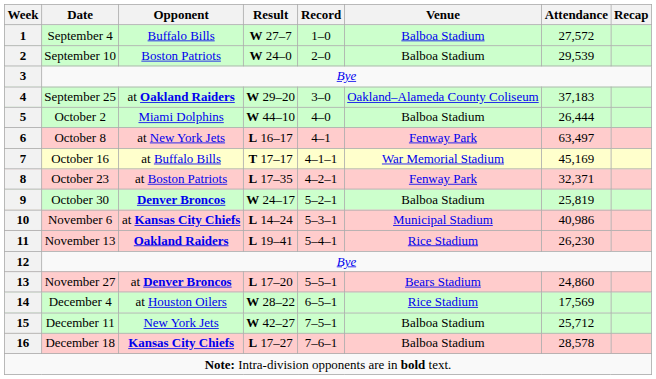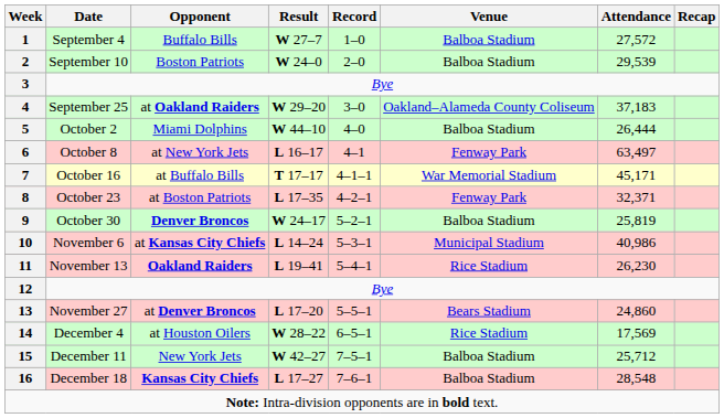 <table class="wikitable" style="text-align:center">
 <tr>
 <th>Week</th>
 <th>Date</th>
 <th>Opponent</th>
 <th>Result</th>
 <th>Record</th>
 <th>Venue</th>
 <th>Attendance</th>
 <th>Recap</th>
 </tr>
 <tr style="background:#cfc">
 <th>1</th>
 <td>September 4</td>
 <td><a href='#'>Buffalo Bills</a></td>
 <td><strong>W</strong> 27–7</td>
 <td>1–0</td>
 <td><a href='#'>Balboa Stadium</a></td>
 <td>27,572</td>
 <td></td>
 </tr>
 <tr style="background:#cfc">
 <th>2</th>
 <td>September 10</td>
 <td><a href='#'>Boston Patriots</a></td>
 <td><strong>W</strong> 24–0</td>
 <td>2–0</td>
 <td>Balboa Stadium</td>
 <td>29,539</td>
 <td></td>
 </tr>
 <tr>
 <th>3</th>
 <td colspan="7" align="center"><em><a href='#'>Bye</a></em></td>
 </tr>
 <tr style="background:#cfc">
 <th>4</th>
 <td>September 25</td>
 <td>at <strong><a href='#'>Oakland Raiders</a></strong></td>
 <td><strong>W</strong> 29–20</td>
 <td>3–0</td>
 <td><a href='#'>Oakland–Alameda County Coliseum</a></td>
 <td>37,183</td>
 <td></td>
 </tr>
 <tr style="background:#cfc">
 <th>5</th>
 <td>October 2</td>
 <td><a href='#'>Miami Dolphins</a></td>
 <td><strong>W</strong> 44–10</td>
 <td>4–0</td>
 <td>Balboa Stadium</td>
 <td>26,444</td>
 <td></td>
 </tr>
 <tr style="background:#fcc">
 <th>6</th>
 <td>October 8</td>
 <td>at <a href='#'>New York Jets</a></td>
 <td><strong>L</strong> 16–17</td>
 <td>4–1</td>
 <td><a href='#'>Fenway Park</a></td>
 <td>63,497</td>
 <td></td>
 </tr>
 <tr style="background:#ffc">
 <th>7</th>
 <td>October 16</td>
 <td>at <a href='#'>Buffalo Bills</a></td>
 <td><strong>T</strong> 17–17</td>
 <td>4–1–1</td>
 <td><a href='#'>War Memorial Stadium</a></td>
-<td>45,169</td>
+<td>45,171</td>
 <td></td>
 </tr>
 <tr style="background:#fcc">
 <th>8</th>
 <td>October 23</td>
 <td>at <a href='#'>Boston Patriots</a></td>
 <td><strong>L</strong> 17–35</td>
 <td>4–2–1</td>
 <td><a href='#'>Fenway Park</a></td>
 <td>32,371</td>
 <td></td>
 </tr>
 <tr style="background:#cfc">
 <th>9</th>
 <td>October 30</td>
 <td><strong><a href='#'>Denver Broncos</a></strong></td>
 <td><strong>W</strong> 24–17</td>
 <td>5–2–1</td>
 <td>Balboa Stadium</td>
 <td>25,819</td>
 <td></td>
 </tr>
 <tr style="background:#fcc">
 <th>10</th>
 <td>November 6</td>
 <td>at <strong><a href='#'>Kansas City Chiefs</a></strong></td>
 <td><strong>L</strong> 14–24</td>
 <td>5–3–1</td>
 <td><a href='#'>Municipal Stadium</a></td>
 <td>40,986</td>
 <td></td>
 </tr>
 <tr style="background:#fcc">
 <th>11</th>
 <td>November 13</td>
 <td><strong><a href='#'>Oakland Raiders</a></strong></td>
 <td><strong>L</strong> 19–41</td>
 <td>5–4–1</td>
 <td><a href='#'>Rice Stadium</a></td>
 <td>26,230</td>
 <td></td>
 </tr>
 <tr>
 <th>12</th>
 <td colspan="7" align="center"><em><a href='#'>Bye</a></em></td>
 </tr>
 <tr style="background:#fcc">
 <th>13</th>
 <td>November 27</td>
 <td>at <strong><a href='#'>Denver Broncos</a></strong></td>
 <td><strong>L</strong> 17–20</td>
 <td>5–5–1</td>
 <td><a href='#'>Bears Stadium</a></td>
 <td>24,860</td>
 <td></td>
 </tr>
 <tr style="background:#cfc">
 <th>14</th>
 <td>December 4</td>
 <td>at <a href='#'>Houston Oilers</a></td>
 <td><strong>W</strong> 28–22</td>
 <td>6–5–1</td>
 <td><a href='#'>Rice Stadium</a></td>
 <td>17,569</td>
 <td></td>
 </tr>
 <tr style="background:#cfc">
 <th>15</th>
 <td>December 11</td>
 <td><a href='#'>New York Jets</a></td>
 <td><strong>W</strong> 42–27</td>
 <td>7–5–1</td>
 <td>Balboa Stadium</td>
 <td>25,712</td>
 <td></td>
 </tr>
 <tr style="background:#fcc">
 <th>16</th>
 <td>December 18</td>
 <td><strong><a href='#'>Kansas City Chiefs</a></strong></td>
 <td><strong>L</strong> 17–27</td>
 <td>7–6–1</td>
 <td>Balboa Stadium</td>
-<td>28,578</td>
+<td>28,548</td>
 <td></td>
 </tr>
 <tr>
 <td colspan="8"><strong>Note:</strong> Intra-division opponents are in <strong>bold</strong> text.</td>
 </tr>
 </table>
